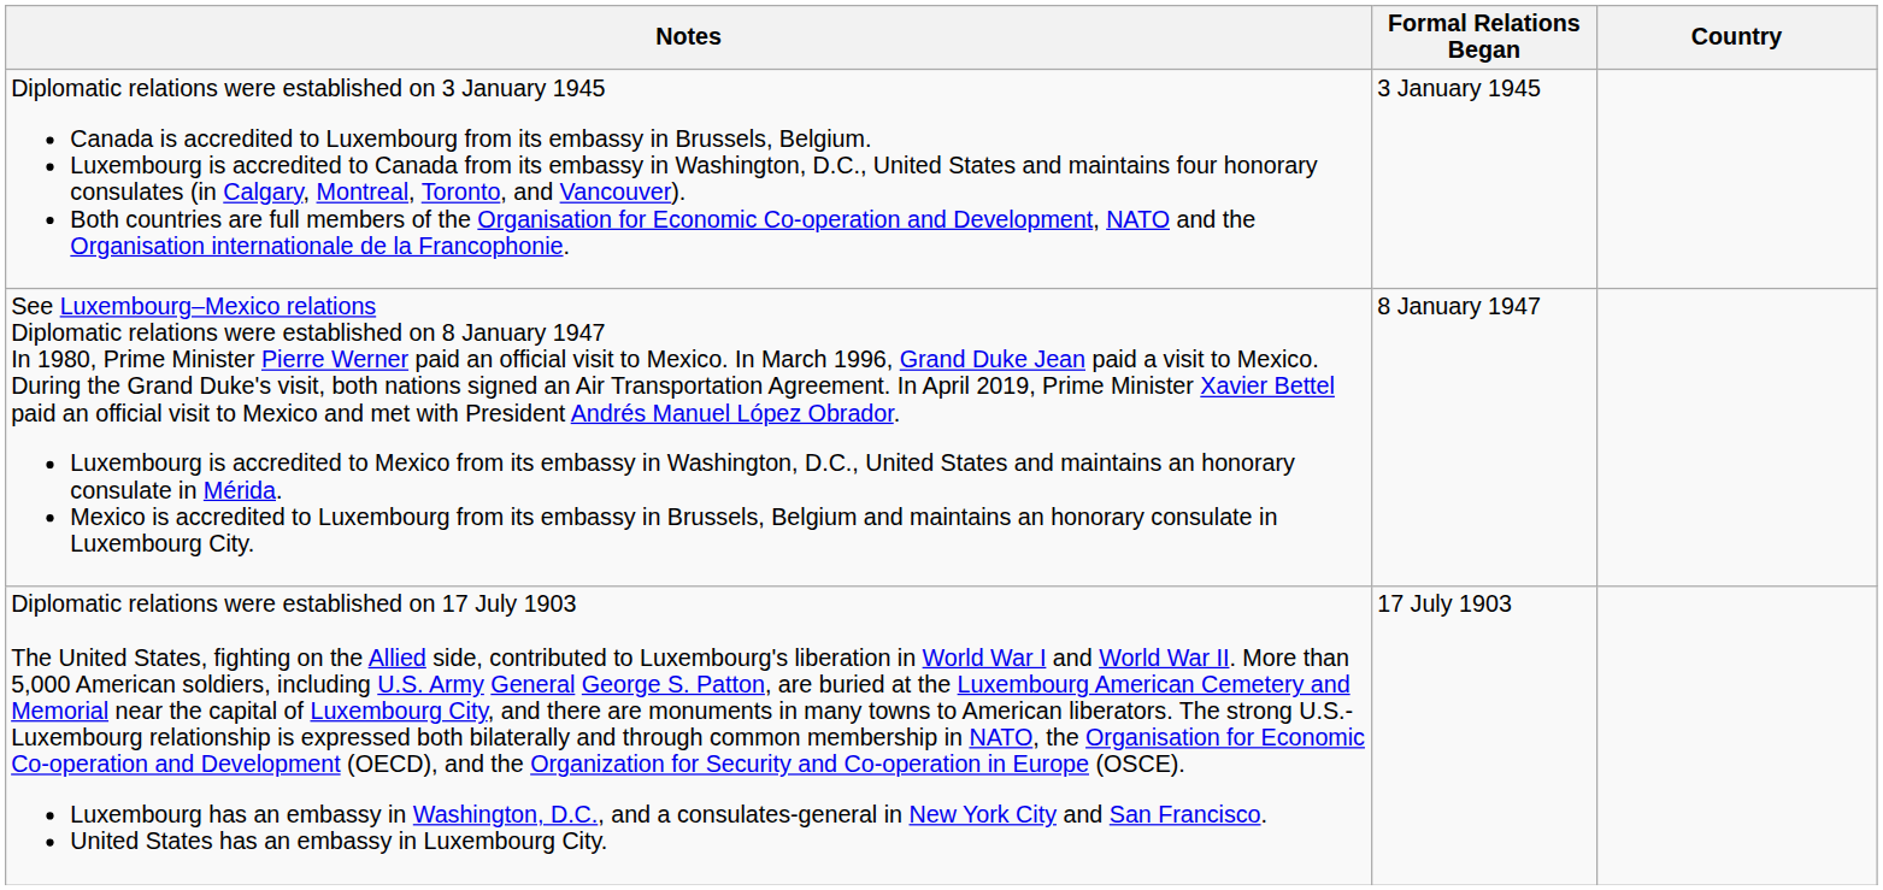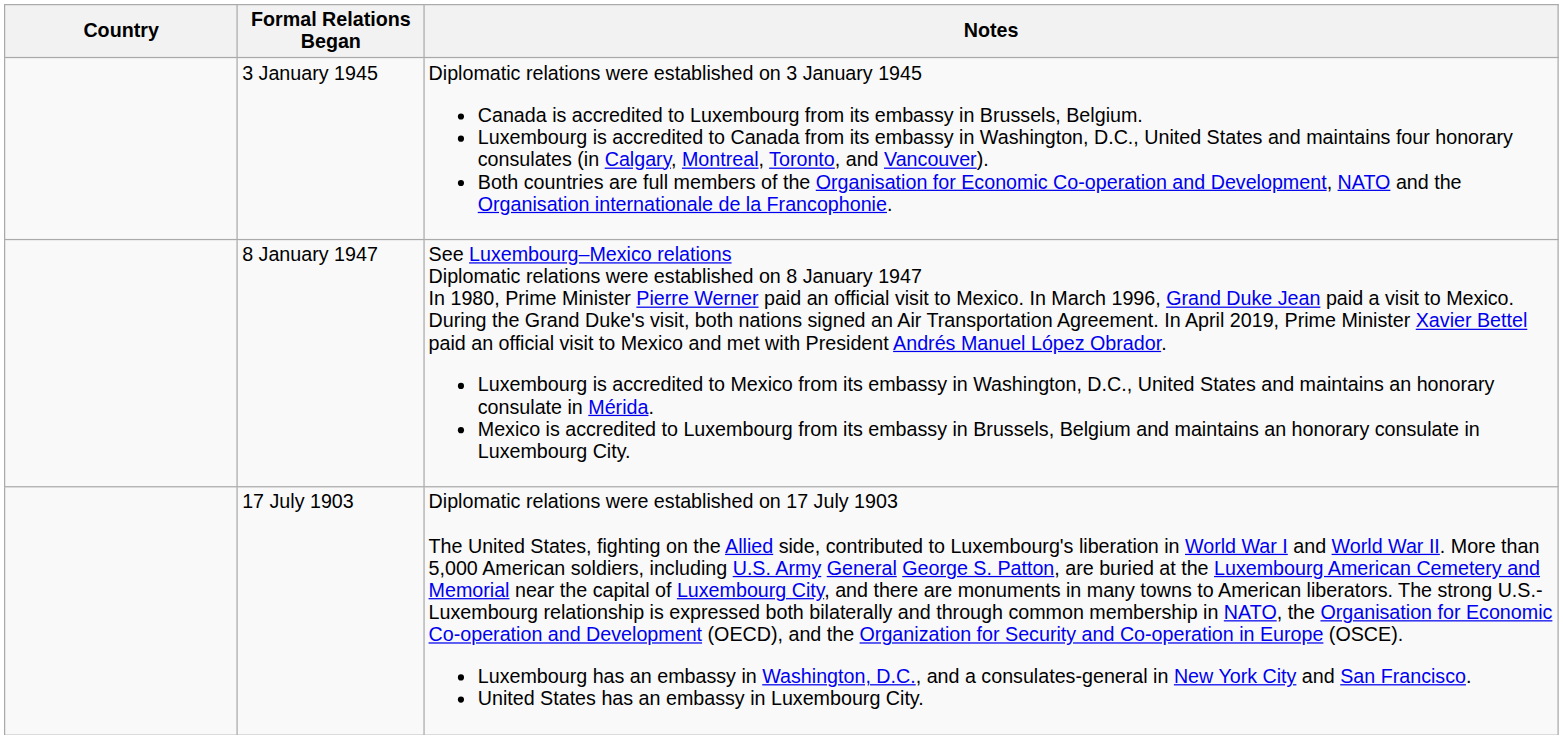 <table class="wikitable sortable" style="width:100%; margin:auto;">
 <tr>
+<th style="width:15%;">Country</th>
+<th style="width:12%;">Formal Relations Began</th>
 <th>Notes</th>
-<th style="width:12%;">Formal Relations Began</th>
-<th style="width:15%;">Country</th>
 </tr>
 <tr valign="top">
+<td></td>
+<td>3 January 1945</td>
 <td>Diplomatic relations were established on 3 January 1945<br><ul><li>Canada is accredited to Luxembourg from its embassy in Brussels, Belgium.</li><li>Luxembourg is accredited to Canada from its embassy in Washington, D.C., United States and maintains four honorary consulates (in <a href='#'>Calgary</a>, <a href='#'>Montreal</a>, <a href='#'>Toronto</a>, and <a href='#'>Vancouver</a>).</li><li>Both countries are full members of the <a href='#'>Organisation for Economic Co-operation and Development</a>,  <a href='#'>NATO</a> and the <a href='#'>Organisation internationale de la Francophonie</a>.</li></ul></td>
-<td>3 January 1945</td>
-<td></td>
 </tr>
 <tr valign="top">
+<td></td>
+<td>8 January 1947</td>
 <td>See <a href='#'>Luxembourg–Mexico relations</a><br>Diplomatic relations were established on 8 January 1947<br>In 1980, Prime Minister <a href='#'>Pierre Werner</a> paid an official visit to Mexico. In March 1996, <a href='#'>Grand Duke Jean</a> paid a visit to Mexico. During the Grand Duke's visit, both nations signed an Air Transportation Agreement. In April 2019, Prime Minister <a href='#'>Xavier Bettel</a> paid an official visit to Mexico and met with President <a href='#'>Andrés Manuel López Obrador</a>.<ul><li>Luxembourg is accredited to Mexico from its embassy in Washington, D.C., United States and maintains an honorary consulate in <a href='#'>Mérida</a>.</li><li>Mexico is accredited to Luxembourg from its embassy in Brussels, Belgium and maintains an honorary consulate in Luxembourg City.</li></ul></td>
-<td>8 January 1947</td>
-<td></td>
 </tr>
 <tr valign="top">
+<td></td>
+<td>17 July 1903</td>
 <td>Diplomatic relations were established on 17 July 1903<br> <br>The United States, fighting on the <a href='#'>Allied</a> side, contributed to Luxembourg's liberation in <a href='#'>World War I</a> and <a href='#'>World War II</a>.  More than 5,000 American soldiers, including <a href='#'>U.S. Army</a> <a href='#'>General</a> <a href='#'>George S. Patton</a>, are buried at the <a href='#'>Luxembourg American Cemetery and Memorial</a> near the capital of <a href='#'>Luxembourg City</a>, and there are monuments in many towns to American liberators. The strong U.S.-Luxembourg relationship is expressed both bilaterally and through common membership in <a href='#'>NATO</a>, the <a href='#'>Organisation for Economic Co-operation and Development</a> (OECD), and the <a href='#'>Organization for Security and Co-operation in Europe</a> (OSCE).<ul><li>Luxembourg has an embassy in <a href='#'>Washington, D.C.</a>, and a consulates-general in <a href='#'>New York City</a> and <a href='#'>San Francisco</a>.</li><li>United States has an embassy in Luxembourg City.</li></ul></td>
-<td>17 July 1903</td>
-<td></td>
 </tr>
 </table>
